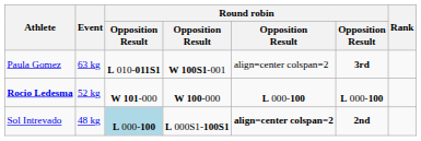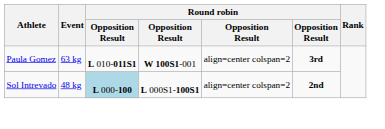 <table class="wikitable" style="font-size:90%">
 <tr>
 <th rowspan="2">Athlete</th>
 <th rowspan="2">Event</th>
 <th colspan="4">Round robin</th>
 <th rowspan="2">Rank</th>
 </tr>
 <tr>
 <th>Opposition<br>Result</th>
 <th>Opposition<br>Result</th>
 <th>Opposition<br>Result</th>
 <th>Opposition<br>Result</th>
 </tr>
 <tr>
 <td><a href='#'>Paula Gomez</a></td>
 <td><a href='#'>63 kg</a></td>
 <td align=center><br><strong>L</strong> 010-<strong>011S1</strong></td>
 <td align=center><br><strong>W</strong> <strong>100S1</strong>-001</td>
 <td>align=center colspan=2 </td>
 <td align=center><strong>3rd</strong></td>
 </tr>
 <tr>
-<td><strong><a href='#'>Rocio Ledesma</a></strong></td>
-<td><a href='#'>52 kg</a></td>
-<td align=center><br><strong>W</strong> <strong>101</strong>-000</td>
-<td align=center><br><strong>W</strong> <strong>100</strong>-000</td>
-<td align=center><br><strong>L</strong> 000-<strong>100</strong></td>
-<td align=center><br><strong>L</strong> 000-<strong>100</strong></td>
-<td align=center></td>
-</tr>
-<tr>
 <td><a href='#'>Sol Intrevado</a></td>
 <td><a href='#'>48 kg</a></td>
 <td align=center style="background: lightblue;"><br><strong>L</strong> 000-<strong>100</strong></td>
 <td align=center><br><strong>L</strong> 000S1-<strong>100S1</strong></td>
-<td><strong>align=center colspan=2 </strong></td>
+<td>align=center colspan=2 </td>
 <td align=center><strong>2nd</strong></td>
 </tr>
 </table>
